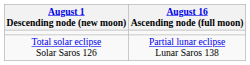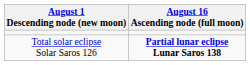 <table class="wikitable">
 <tr>
 <th><a href='#'>August 1</a><br>Descending node (new moon)<br></th>
 <th><a href='#'>August 16</a><br>Ascending node (full moon)<br></th>
 </tr>
 <tr>
 <td></td>
 <td></td>
 </tr>
 <tr align=center>
 <td><a href='#'>Total solar eclipse</a><br>Solar Saros 126</td>
-<td><a href='#'>Partial lunar eclipse</a><br>Lunar Saros 138</td>
+<td><strong><a href='#'>Partial lunar eclipse</a><br>Lunar Saros 138</strong></td>
 </tr>
 </table>
